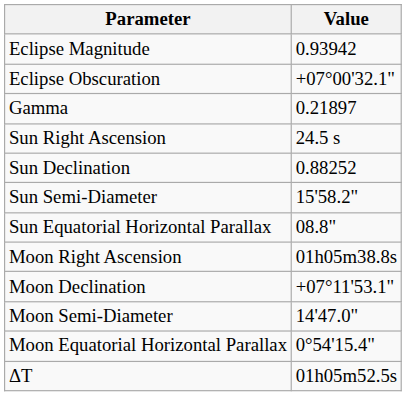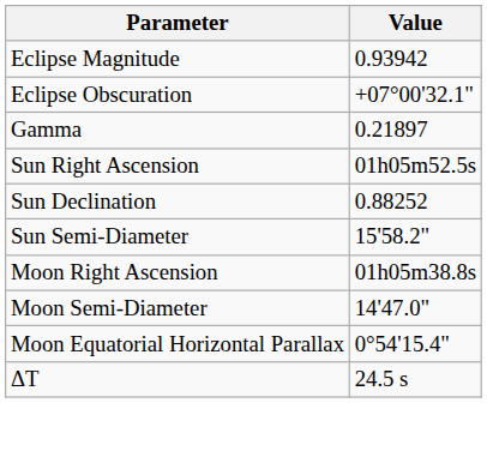 <table class="wikitable">
 <tr>
 <th>Parameter</th>
 <th>Value</th>
 </tr>
 <tr>
 <td>Eclipse Magnitude</td>
 <td>0.93942</td>
 </tr>
 <tr>
 <td>Eclipse Obscuration</td>
 <td>+07°00'32.1"</td>
 </tr>
 <tr>
 <td>Gamma</td>
 <td>0.21897</td>
 </tr>
 <tr>
 <td>Sun Right Ascension</td>
-<td>24.5 s</td>
+<td>01h05m52.5s</td>
 </tr>
 <tr>
 <td>Sun Declination</td>
 <td>0.88252</td>
 </tr>
 <tr>
 <td>Sun Semi-Diameter</td>
 <td>15'58.2"</td>
 </tr>
 <tr>
-<td>Sun Equatorial Horizontal Parallax</td>
-<td>08.8"</td>
-</tr>
-<tr>
 <td>Moon Right Ascension</td>
 <td>01h05m38.8s</td>
-</tr>
-<tr>
-<td>Moon Declination</td>
-<td>+07°11'53.1"</td>
 </tr>
 <tr>
 <td>Moon Semi-Diameter</td>
 <td>14'47.0"</td>
 </tr>
 <tr>
 <td>Moon Equatorial Horizontal Parallax</td>
 <td>0°54'15.4"</td>
 </tr>
 <tr>
 <td>ΔT</td>
-<td>01h05m52.5s</td>
+<td>24.5 s</td>
 </tr>
 </table>
